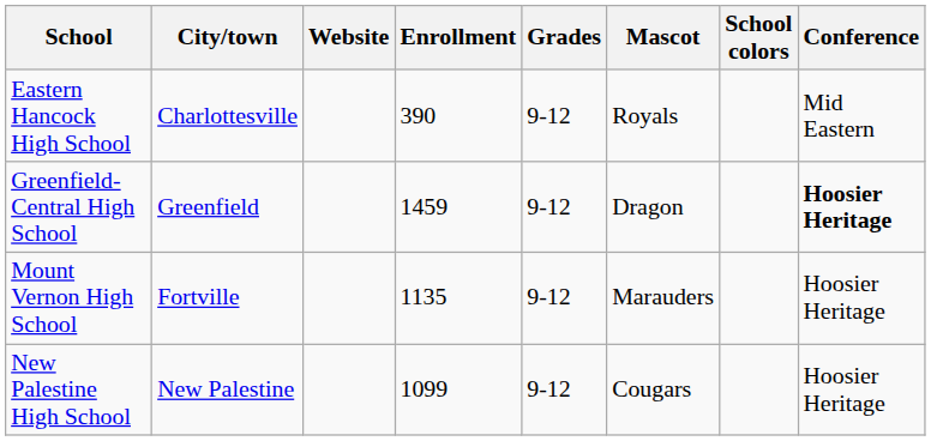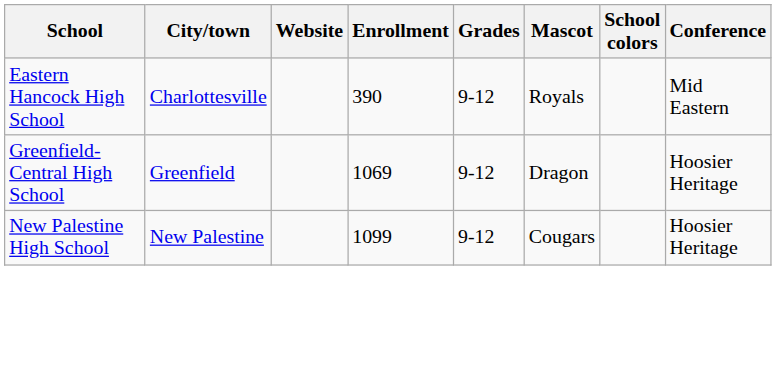 <table class="wikitable sortable" width="70%">
 <tr>
 <th width="20%">School</th>
 <th width="08%">City/town</th>
 <th width="06%">Website</th>
 <th width="04%">Enrollment</th>
 <th width="04%">Grades</th>
 <th width="04%">Mascot</th>
 <th width=01%>School colors</th>
 <th width="04%">Conference</th>
 </tr>
 <tr>
 <td><a href='#'>Eastern Hancock High School</a></td>
 <td><a href='#'>Charlottesville</a></td>
 <td></td>
 <td>390</td>
 <td>9-12</td>
 <td>Royals</td>
 <td> </td>
 <td>Mid Eastern</td>
 </tr>
 <tr>
 <td><a href='#'>Greenfield-Central High School</a></td>
 <td><a href='#'>Greenfield</a></td>
 <td></td>
-<td>1459</td>
+<td>1069</td>
 <td>9-12</td>
 <td>Dragon</td>
 <td> </td>
-<td><strong>Hoosier Heritage</strong></td>
-</tr>
-<tr>
-<td><a href='#'>Mount Vernon High School</a></td>
-<td><a href='#'>Fortville</a></td>
-<td></td>
-<td>1135</td>
-<td>9-12</td>
-<td>Marauders</td>
-<td>  </td>
 <td>Hoosier Heritage</td>
 </tr>
 <tr>
 <td><a href='#'>New Palestine High School</a></td>
 <td><a href='#'>New Palestine</a></td>
 <td></td>
 <td>1099</td>
 <td>9-12</td>
 <td>Cougars</td>
 <td> </td>
 <td>Hoosier Heritage</td>
 </tr>
 </table>
